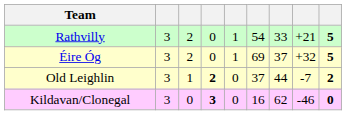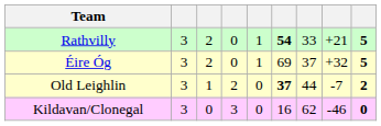 <table class="wikitable" style="text-align:center">
 <tr>
 <th style="width:175px;">Team</th>
 <th width="20"></th>
 <th width="20"></th>
 <th width="20"></th>
 <th width="20"></th>
 <th width="20"></th>
 <th width="20"></th>
 <th width="20"></th>
 <th width="20"></th>
 </tr>
 <tr style="background:#cfc;">
 <td><a href='#'>Rathvilly</a></td>
 <td>3</td>
 <td>2</td>
 <td>0</td>
 <td>1</td>
-<td>54</td>
+<td><strong>54</strong></td>
 <td>33</td>
 <td>+21</td>
 <td><strong>5</strong></td>
 </tr>
 <tr style="background:#ffc;">
 <td><a href='#'>Éire Óg</a></td>
 <td>3</td>
 <td>2</td>
 <td>0</td>
 <td>1</td>
 <td>69</td>
 <td>37</td>
 <td>+32</td>
 <td><strong>5</strong></td>
 </tr>
 <tr style="background:#ffc;">
 <td>Old Leighlin</td>
 <td>3</td>
 <td>1</td>
-<td><strong>2</strong></td>
+<td>2</td>
 <td>0</td>
-<td>37</td>
+<td><strong>37</strong></td>
 <td>44</td>
 <td>-7</td>
 <td><strong>2</strong></td>
 </tr>
 <tr style="background:#fcf;">
 <td>Kildavan/Clonegal</td>
 <td>3</td>
 <td>0</td>
-<td><strong>3</strong></td>
+<td>3</td>
 <td>0</td>
 <td>16</td>
 <td>62</td>
 <td>-46</td>
 <td><strong>0</strong></td>
 </tr>
 </table>
